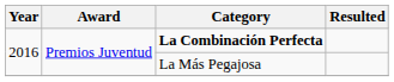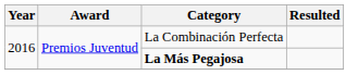 <table class="wikitable">
 <tr>
 <th>Year</th>
 <th>Award</th>
 <th>Category</th>
 <th>Resulted</th>
 </tr>
 <tr>
 <td rowspan=2>2016</td>
 <td rowspan=2><a href='#'>Premios Juventud</a></td>
-<td><strong>La Combinación Perfecta</strong></td>
+<td>La Combinación Perfecta</td>
 <td></td>
 </tr>
 <tr>
-<td>La Más Pegajosa</td>
+<td><strong>La Más Pegajosa</strong></td>
 <td></td>
 </tr>
 <tr>
 </tr>
 </table>
